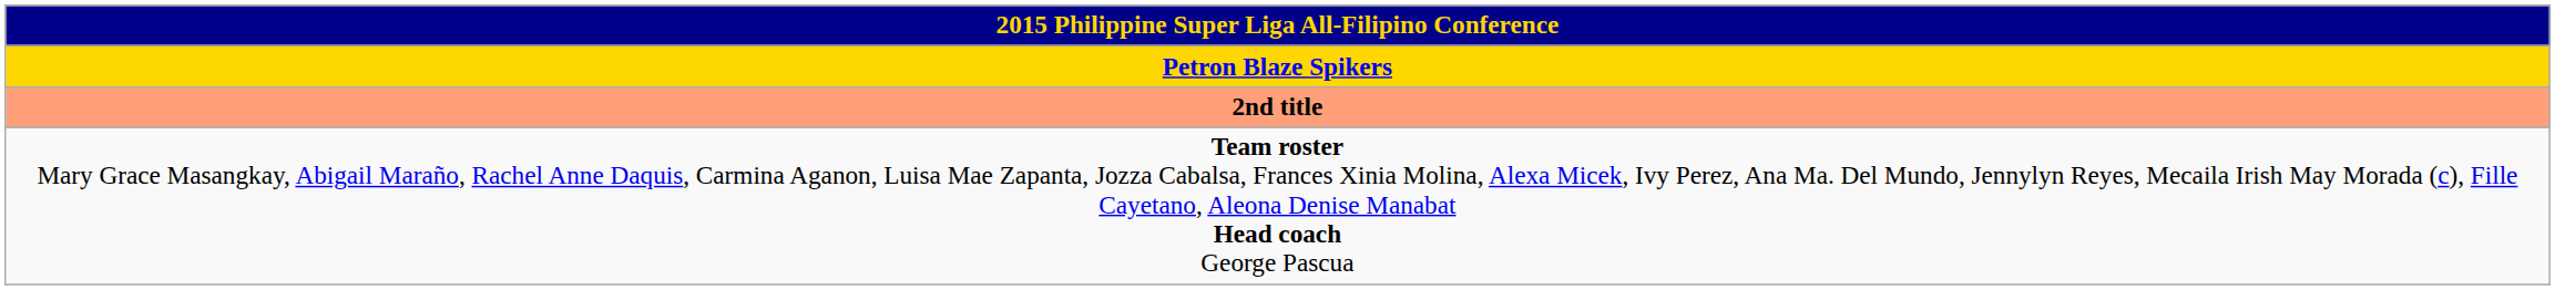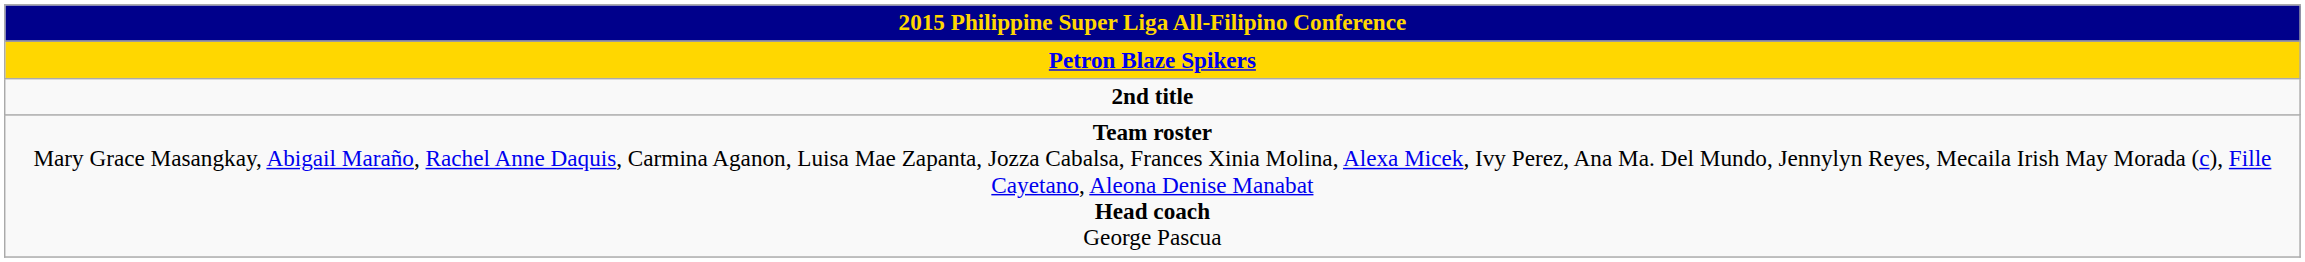 <table class=wikitable style="text-align:center; margin:auto;">
 <tr>
 <th style="background:#00008B; color:#FFD700;">2015 Philippine Super Liga All-Filipino Conference</th>
 </tr>
 <tr bgcolor="gold">
 <td><strong><a href='#'>Petron Blaze Spikers</a></strong></td>
 </tr>
 <tr>
-<td style="background: lightsalmon;"><strong>2nd title</strong></td>
+<td><strong>2nd title</strong></td>
 </tr>
 <tr>
 <td><strong>Team roster</strong><br>Mary Grace Masangkay, <a href='#'>Abigail Maraño</a>, <a href='#'>Rachel Anne Daquis</a>, Carmina Aganon, Luisa Mae Zapanta, Jozza Cabalsa, Frances Xinia Molina, <a href='#'>Alexa Micek</a>, Ivy Perez, Ana Ma. Del Mundo, Jennylyn Reyes, Mecaila Irish May Morada (<a href='#'>c</a>), <a href='#'>Fille Cayetano</a>, <a href='#'>Aleona Denise Manabat</a><br><strong>Head coach</strong><br>George Pascua</td>
 </tr>
 </table>
